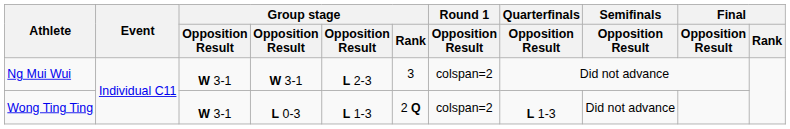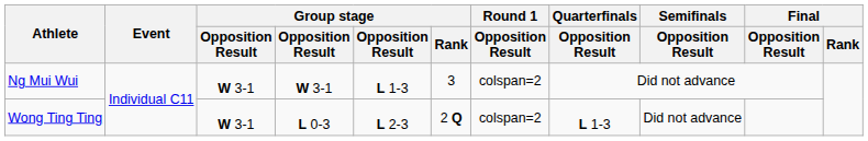 <table class=wikitable style="font-size:90%">
 <tr>
 <th rowspan="2">Athlete</th>
 <th rowspan="2">Event</th>
 <th colspan="4">Group stage</th>
 <th>Round 1</th>
 <th>Quarterfinals</th>
 <th>Semifinals</th>
 <th colspan="2">Final</th>
 </tr>
 <tr>
 <th>Opposition<br>Result</th>
 <th>Opposition<br>Result</th>
 <th>Opposition<br>Result</th>
 <th>Rank</th>
 <th>Opposition<br>Result</th>
 <th>Opposition<br>Result</th>
 <th>Opposition<br>Result</th>
 <th>Opposition<br>Result</th>
 <th>Rank</th>
 </tr>
 <tr align=center>
 <td align=left><a href='#'>Ng Mui Wui</a></td>
 <td rowspan=2 align=left><a href='#'>Individual C11</a></td>
 <td><br><strong>W</strong> 3-1</td>
 <td><br><strong>W</strong> 3-1</td>
-<td><br><strong>L</strong> 2-3</td>
+<td><br><strong>L</strong> 1-3</td>
 <td>3</td>
 <td>colspan=2 </td>
 <td colspan=3>Did not advance</td>
 </tr>
 <tr align=center>
 <td align=left><a href='#'>Wong Ting Ting</a></td>
 <td><br><strong>W</strong> 3-1</td>
 <td><br><strong>L</strong> 0-3</td>
-<td><br><strong>L</strong> 1-3</td>
+<td><br><strong>L</strong> 2-3</td>
 <td>2 <strong>Q</strong></td>
 <td>colspan=2 </td>
 <td><br><strong>L</strong> 1-3</td>
 <td>Did not advance</td>
 <td></td>
 </tr>
 </table>
